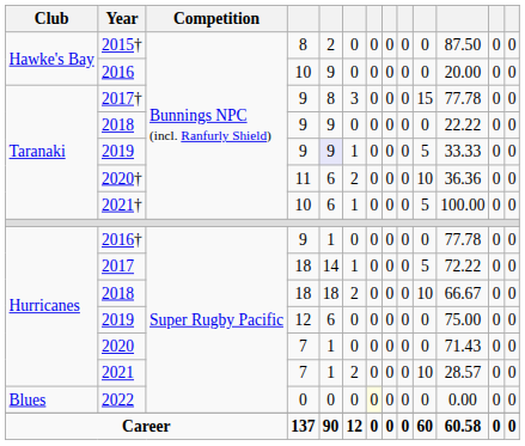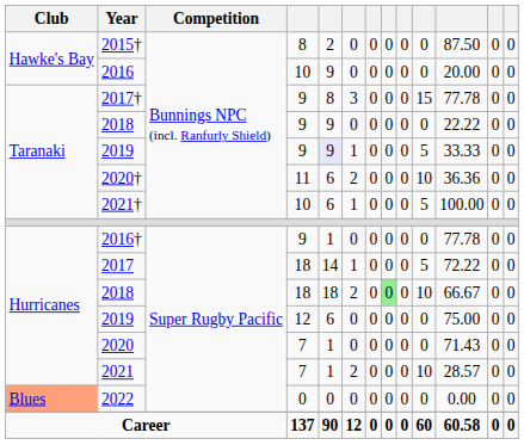 <table class="wikitable sortable" style="text-align:center; font-size:95%">
 <tr>
 <th>Club</th>
 <th>Year</th>
 <th>Competition</th>
 <th></th>
 <th></th>
 <th></th>
 <th></th>
 <th></th>
 <th></th>
 <th></th>
 <th></th>
 <th></th>
 <th></th>
 </tr>
 <tr>
 <td rowspan=2 style="text-align:left;"><a href='#'>Hawke's Bay</a></td>
 <td style="text-align:left;"><a href='#'>2015</a>†</td>
 <td rowspan=7 style="text-align:left;"><a href='#'>Bunnings NPC</a><br><small>(incl. <a href='#'>Ranfurly Shield</a>)</small></td>
 <td>8</td>
 <td>2</td>
 <td>0</td>
 <td>0</td>
 <td>0</td>
 <td>0</td>
 <td>0</td>
 <td>87.50</td>
 <td>0</td>
 <td>0</td>
 </tr>
 <tr>
 <td style="text-align:left;"><a href='#'>2016</a></td>
 <td>10</td>
 <td>9</td>
 <td>0</td>
 <td>0</td>
 <td>0</td>
 <td>0</td>
 <td>0</td>
 <td>20.00</td>
 <td>0</td>
 <td>0</td>
 </tr>
 <tr>
 <td rowspan=5 style="text-align:left;"><a href='#'>Taranaki</a></td>
 <td style="text-align:left;"><a href='#'>2017</a>†</td>
 <td>9</td>
 <td>8</td>
 <td>3</td>
 <td>0</td>
 <td>0</td>
 <td>0</td>
 <td>15</td>
 <td>77.78</td>
 <td>0</td>
 <td>0</td>
 </tr>
 <tr>
 <td style="text-align:left;"><a href='#'>2018</a></td>
 <td>9</td>
 <td>9</td>
 <td>0</td>
 <td>0</td>
 <td>0</td>
 <td>0</td>
 <td>0</td>
 <td>22.22</td>
 <td>0</td>
 <td>0</td>
 </tr>
 <tr>
 <td style="text-align:left;"><a href='#'>2019</a></td>
 <td>9</td>
 <td style="background: lavender;">9</td>
 <td>1</td>
 <td>0</td>
 <td>0</td>
 <td>0</td>
 <td>5</td>
 <td>33.33</td>
 <td>0</td>
 <td>0</td>
 </tr>
 <tr>
 <td style="text-align:left;"><a href='#'>2020</a>†</td>
 <td>11</td>
 <td>6</td>
 <td>2</td>
 <td>0</td>
 <td>0</td>
 <td>0</td>
 <td>10</td>
 <td>36.36</td>
 <td>0</td>
 <td>0</td>
 </tr>
 <tr>
 <td style="text-align:left;"><a href='#'>2021</a>†</td>
 <td>10</td>
 <td>6</td>
 <td>1</td>
 <td>0</td>
 <td>0</td>
 <td>0</td>
 <td>5</td>
 <td>100.00</td>
 <td>0</td>
 <td>0</td>
 </tr>
 <tr>
 <td colspan=13 style="background-color: #DDDDDD"></td>
 </tr>
 <tr>
 <td rowspan=6 style="text-align:left;"><a href='#'>Hurricanes</a></td>
 <td style="text-align:left;"><a href='#'>2016</a>†</td>
 <td rowspan=7 style="text-align:left;"><a href='#'>Super Rugby Pacific</a></td>
 <td>9</td>
 <td>1</td>
 <td>0</td>
 <td>0</td>
 <td>0</td>
 <td>0</td>
 <td>0</td>
 <td>77.78</td>
 <td>0</td>
 <td>0</td>
 </tr>
 <tr>
 <td style="text-align:left;"><a href='#'>2017</a></td>
 <td>18</td>
 <td>14</td>
 <td>1</td>
 <td>0</td>
 <td>0</td>
 <td>0</td>
 <td>5</td>
 <td>72.22</td>
 <td>0</td>
 <td>0</td>
 </tr>
 <tr>
 <td style="text-align:left;"><a href='#'>2018</a></td>
 <td>18</td>
 <td>18</td>
 <td>2</td>
 <td>0</td>
-<td>0</td>
+<td style="background: lightgreen;">0</td>
 <td>0</td>
 <td>10</td>
 <td>66.67</td>
 <td>0</td>
 <td>0</td>
 </tr>
 <tr>
 <td style="text-align:left;"><a href='#'>2019</a></td>
 <td>12</td>
 <td>6</td>
 <td>0</td>
 <td>0</td>
 <td>0</td>
 <td>0</td>
 <td>0</td>
 <td>75.00</td>
 <td>0</td>
 <td>0</td>
 </tr>
 <tr>
 <td style="text-align:left;"><a href='#'>2020</a></td>
 <td>7</td>
 <td>1</td>
 <td>0</td>
 <td>0</td>
 <td>0</td>
 <td>0</td>
 <td>0</td>
 <td>71.43</td>
 <td>0</td>
 <td>0</td>
 </tr>
 <tr>
 <td style="text-align:left;"><a href='#'>2021</a></td>
 <td>7</td>
 <td>1</td>
 <td>2</td>
 <td>0</td>
 <td>0</td>
 <td>0</td>
 <td>10</td>
 <td>28.57</td>
 <td>0</td>
 <td>0</td>
 </tr>
 <tr>
-<td rowspan=1 style="text-align:left;"><a href='#'>Blues</a></td>
+<td rowspan=1 style="background: lightsalmon; text-align:left;"><a href='#'>Blues</a></td>
 <td style="text-align:left;"><a href='#'>2022</a></td>
 <td>0</td>
 <td>0</td>
 <td>0</td>
-<td style="background: lightyellow;">0</td>
+<td>0</td>
 <td>0</td>
 <td>0</td>
 <td>0</td>
 <td>0.00</td>
 <td>0</td>
 <td>0</td>
 </tr>
 <tr>
 </tr>
 <tr class="sortbottom" valign="top">
 <td colspan=3 style="text-align: center"><strong>Career</strong></td>
 <td><strong>137</strong></td>
 <td><strong>90</strong></td>
 <td><strong>12</strong></td>
 <td><strong>0</strong></td>
 <td><strong>0</strong></td>
 <td><strong>0</strong></td>
 <td><strong>60</strong></td>
 <td><strong>60.58</strong></td>
 <td><strong>0</strong></td>
 <td><strong>0</strong></td>
 </tr>
 </table>
